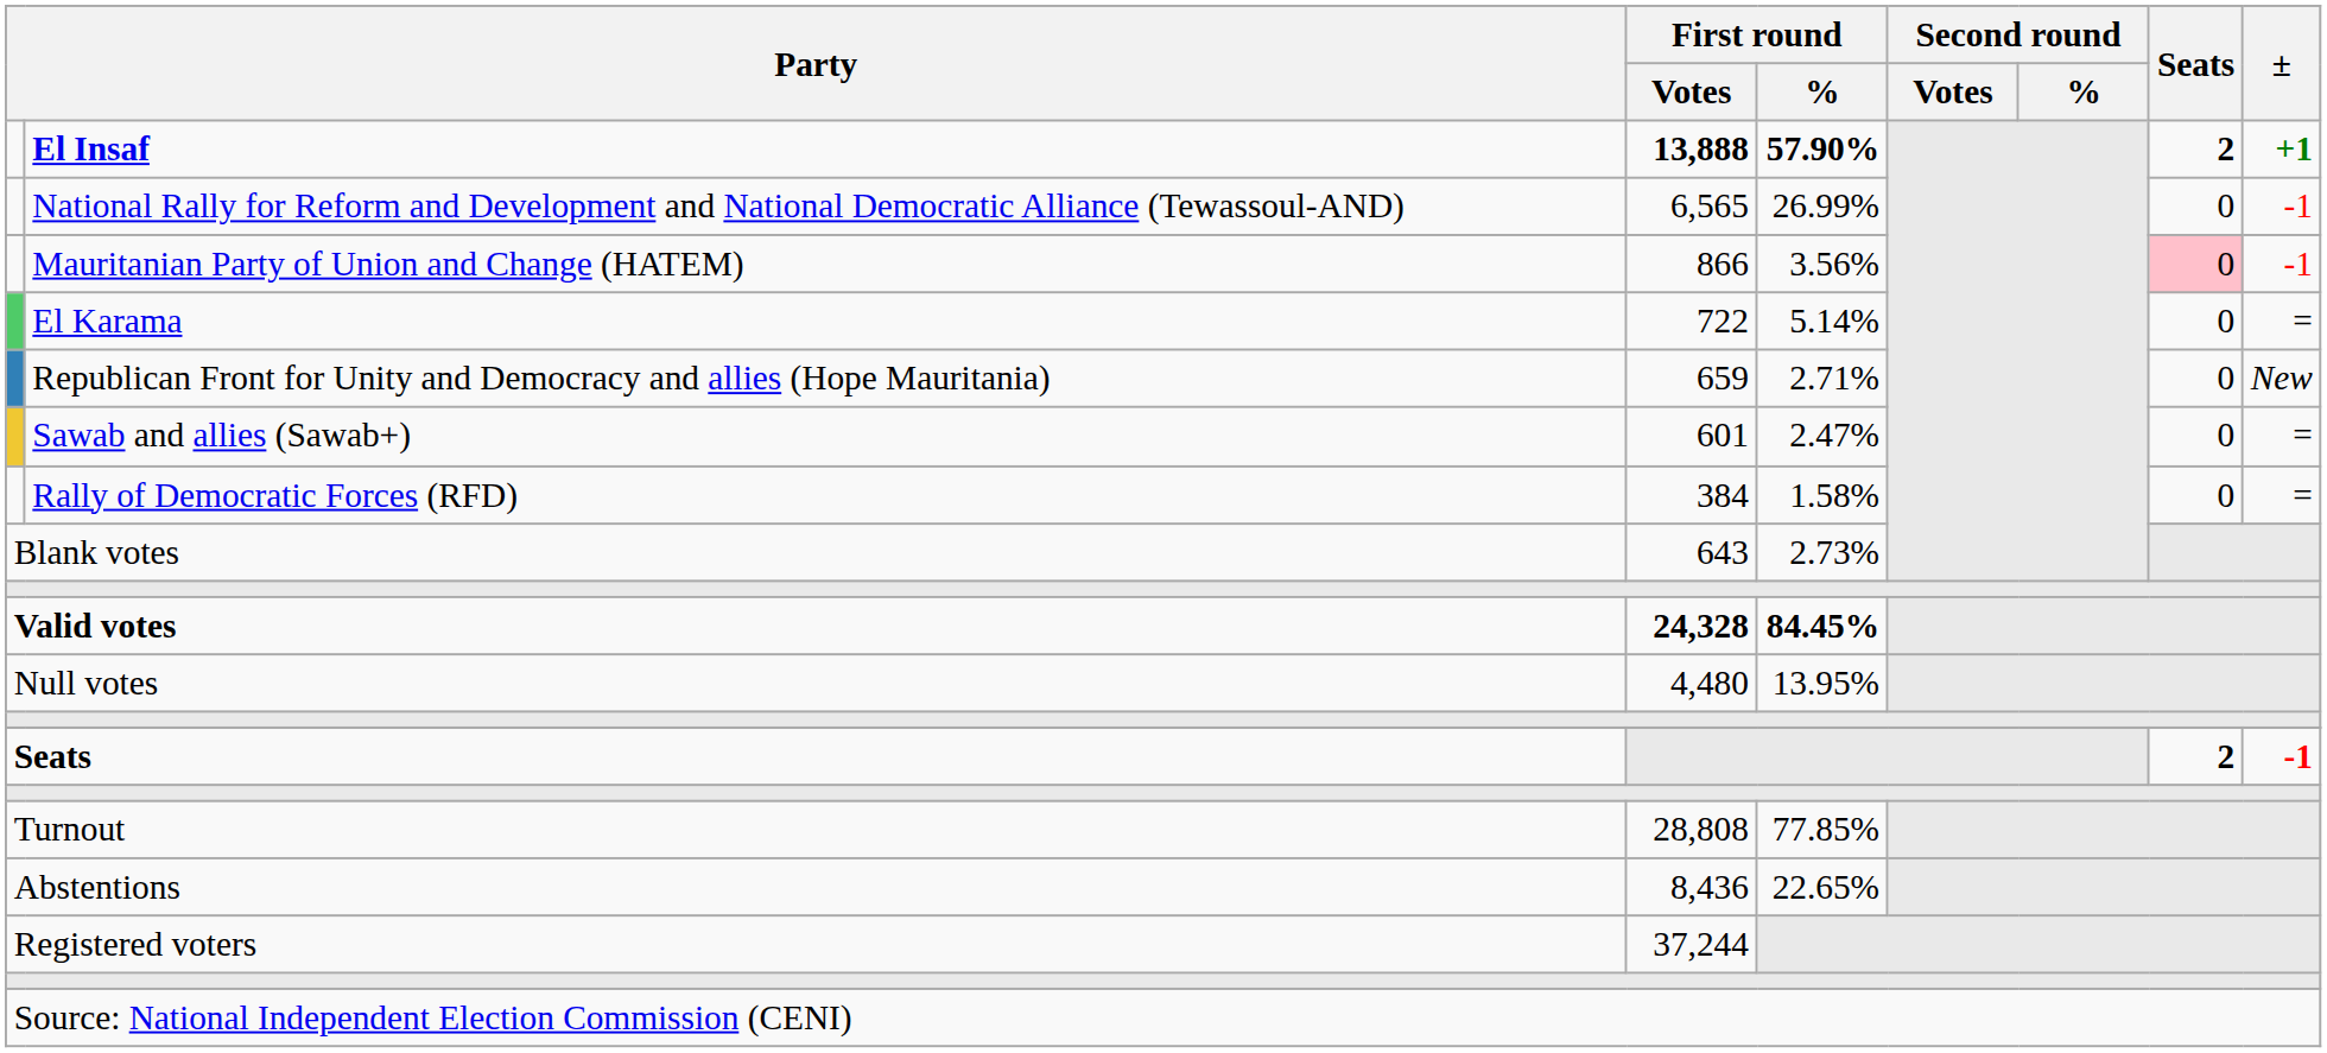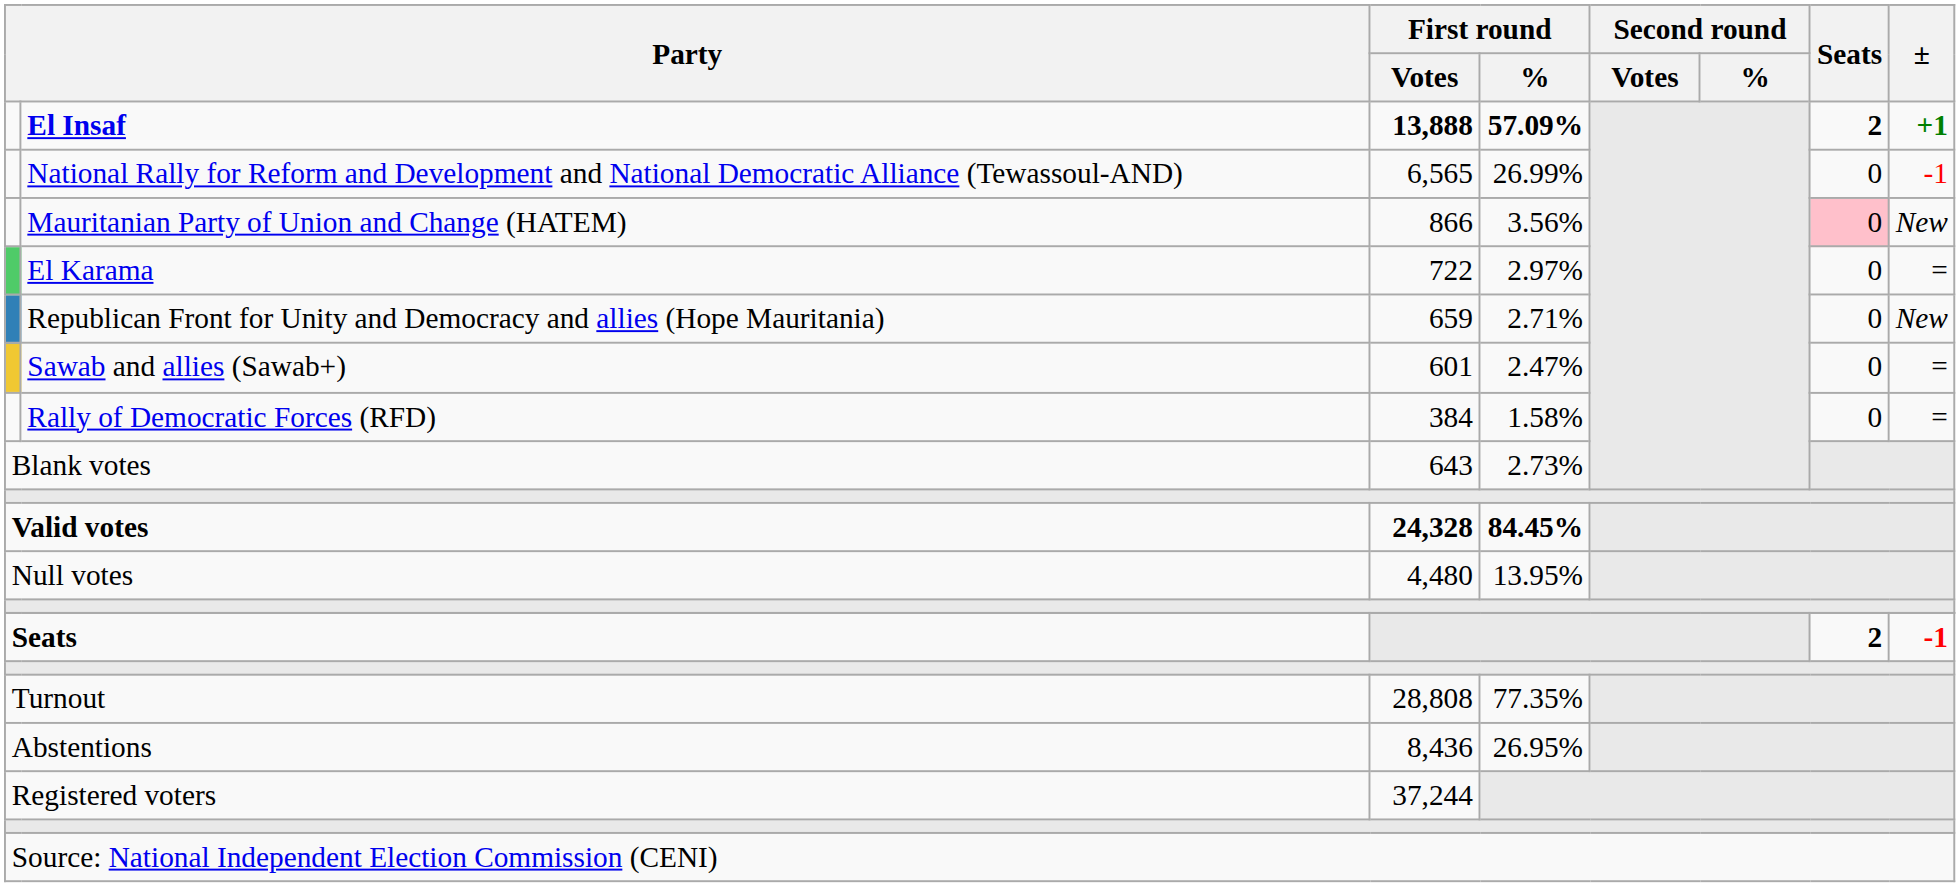 <table class="wikitable" style="text-align:right;font-size:95%;">
 <tr>
 <th rowspan="2" colspan="2" width="700">Party</th>
 <th colspan="2">First round</th>
 <th colspan="2">Second round</th>
 <th rowspan="2" width="25">Seats</th>
 <th rowspan="2" width="20">±</th>
 </tr>
 <tr>
 <th width="50">Votes</th>
 <th width="50">%</th>
 <th width="50">Votes</th>
 <th width="50">%</th>
 </tr>
 <tr>
 <td width="1" style="color:inherit;background:"></td>
 <td style="text-align:left;"><strong><a href='#'>El Insaf</a></strong></td>
 <td><strong>13,888</strong></td>
-<td><strong>57.90%</strong></td>
+<td><strong>57.09%</strong></td>
 <td colspan="2" rowspan="8" style="background:#E9E9E9;"></td>
 <td><strong>2</strong></td>
 <td style="color:green;"><strong>+1</strong></td>
 </tr>
 <tr>
 <td width="1" style="color:inherit;background:"></td>
 <td style="text-align:left;"><a href='#'>National Rally for Reform and Development</a> and <a href='#'>National Democratic Alliance</a> (Tewassoul-AND)</td>
 <td>6,565</td>
 <td>26.99%</td>
 <td>0</td>
 <td style="color:red;">-1</td>
 </tr>
 <tr>
 <td width="1" style="color:inherit;background:"></td>
 <td style="text-align:left;"><a href='#'>Mauritanian Party of Union and Change</a> (HATEM)</td>
 <td>866</td>
 <td>3.56%</td>
 <td style="background: pink;">0</td>
-<td style="color:red;">-1</td>
+<td><em>New</em></td>
 </tr>
 <tr>
 <td width="1" style="color:inherit;background:#4FCB68;"></td>
 <td style="text-align:left;"><a href='#'>El Karama</a></td>
 <td>722</td>
-<td>5.14%</td>
+<td>2.97%</td>
 <td>0</td>
 <td>=</td>
 </tr>
 <tr>
 <td width="1" style="color:inherit;background:#3080B7;"></td>
 <td style="text-align:left;">Republican Front for Unity and Democracy and <a href='#'>allies</a> (Hope Mauritania)</td>
 <td>659</td>
 <td>2.71%</td>
 <td>0</td>
 <td><em>New</em></td>
 </tr>
 <tr>
 <td width="1" style="color:inherit;background:#F0C832;"></td>
 <td style="text-align:left;"><a href='#'>Sawab</a> and <a href='#'>allies</a> (Sawab+)</td>
 <td>601</td>
 <td>2.47%</td>
 <td>0</td>
 <td>=</td>
 </tr>
 <tr>
 <td width="1" style="color:inherit;background:"></td>
 <td style="text-align:left;"><a href='#'>Rally of Democratic Forces</a> (RFD)</td>
 <td>384</td>
 <td>1.58%</td>
 <td>0</td>
 <td>=</td>
 </tr>
 <tr>
 <td colspan="2" style="text-align:left;">Blank votes</td>
 <td>643</td>
 <td>2.73%</td>
 <td colspan="4" style="background:#E9E9E9;"></td>
 </tr>
 <tr>
 <td colspan="8" style="background:#E9E9E9;"></td>
 </tr>
 <tr style="font-weight:bold;">
 <td colspan="2" style="text-align:left;">Valid votes</td>
 <td>24,328</td>
 <td>84.45%</td>
 <td colspan="4" style="background:#E9E9E9;"></td>
 </tr>
 <tr>
 <td colspan="2" style="text-align:left;">Null votes</td>
 <td>4,480</td>
 <td>13.95%</td>
 <td colspan="4" style="background:#E9E9E9;"></td>
 </tr>
 <tr>
 <td colspan="8" style="background:#E9E9E9;"></td>
 </tr>
 <tr>
 </tr>
 <tr style="font-weight:bold;">
 <td colspan="2" style="text-align:left;">Seats</td>
 <td colspan="4" style="background:#E9E9E9;"></td>
 <td>2</td>
 <td style="color:red;">-1</td>
 </tr>
 <tr>
 <td colspan="8" style="background:#E9E9E9;"></td>
 </tr>
 <tr>
 <td colspan="2" style="text-align:left;">Turnout</td>
 <td>28,808</td>
-<td>77.85%</td>
+<td>77.35%</td>
 <td colspan="4" style="background:#E9E9E9;"></td>
 </tr>
 <tr>
 <td colspan="2" style="text-align:left;">Abstentions</td>
 <td>8,436</td>
-<td>22.65%</td>
+<td>26.95%</td>
 <td colspan="4" style="background:#E9E9E9;"></td>
 </tr>
 <tr>
 <td colspan="2" style="text-align:left;">Registered voters</td>
 <td>37,244</td>
 <td colspan="5" style="background:#E9E9E9;"></td>
 </tr>
 <tr>
 <td colspan="8" style="background:#E9E9E9;"></td>
 </tr>
 <tr>
 <td colspan="8" style="text-align:left;">Source: <a href='#'>National Independent Election Commission</a> (CENI)</td>
 </tr>
 </table>
